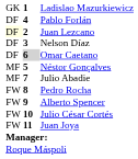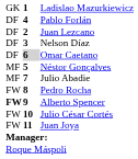 <table cellspacing="0" cellpadding="0" style="font-size:90%; margin:0.2em auto;">
 <tr>
 <th width="25"></th>
 <th width="25"></th>
 </tr>
 <tr>
 <td>GK</td>
 <td><strong>1</strong></td>
 <td> <a href='#'>Ladislao Mazurkiewicz</a></td>
 </tr>
 <tr>
 <td>DF</td>
 <td><strong>4</strong></td>
 <td> <a href='#'>Pablo Forlán</a></td>
 </tr>
 <tr>
-<td style="background: lightyellow;">DF</td>
+<td>DF</td>
 <td><strong>2</strong></td>
 <td> <a href='#'>Juan Lezcano</a></td>
 </tr>
 <tr>
 <td>DF</td>
 <td><strong>3</strong></td>
 <td> Nelson Díaz</td>
 </tr>
 <tr>
 <td>DF</td>
 <td style="background: lightgrey;"><strong>6</strong></td>
 <td> <a href='#'>Omar Caetano</a></td>
 </tr>
 <tr>
 <td>MF</td>
 <td><strong>5</strong></td>
 <td> <a href='#'>Néstor Gonçalves</a></td>
 </tr>
 <tr>
 <td>MF</td>
 <td><strong>7</strong></td>
 <td> Julio Abadie</td>
 </tr>
 <tr>
 <td>FW</td>
 <td><strong>8</strong></td>
 <td> <a href='#'>Pedro Rocha</a></td>
 </tr>
 <tr>
-<td>FW</td>
+<td><strong>FW</strong></td>
 <td><strong>9</strong></td>
 <td> <a href='#'>Alberto Spencer</a></td>
 </tr>
 <tr>
 <td>FW</td>
 <td><strong>10</strong></td>
 <td> <a href='#'>Julio César Cortés</a></td>
 </tr>
 <tr>
 <td>FW</td>
 <td><strong>11</strong></td>
 <td> <a href='#'>Juan Joya</a></td>
 </tr>
 <tr>
 <td colspan=3><strong>Manager:</strong></td>
 </tr>
 <tr>
 <td colspan=4> <a href='#'>Roque Máspoli</a></td>
 </tr>
 </table>
